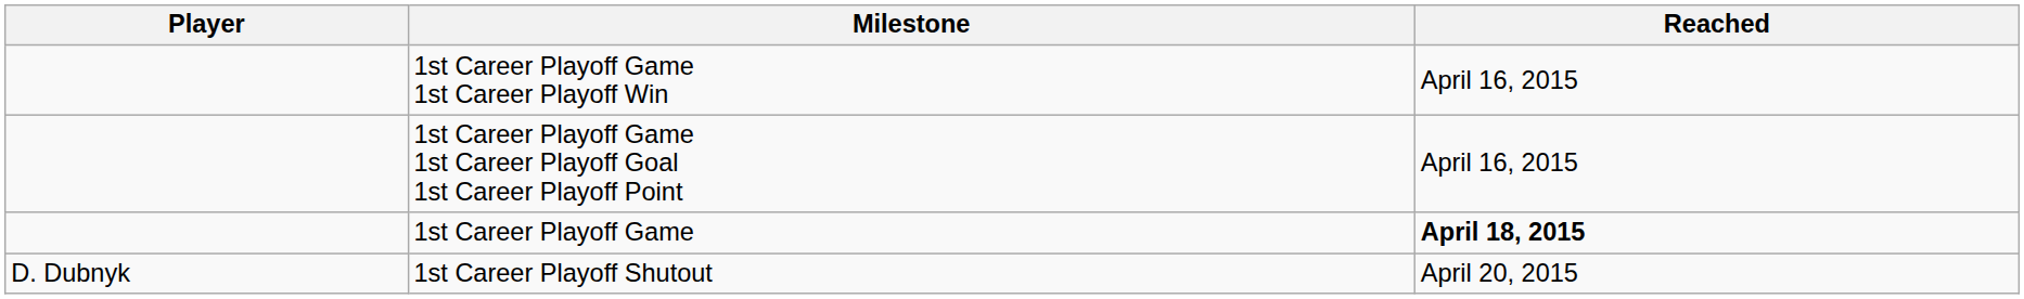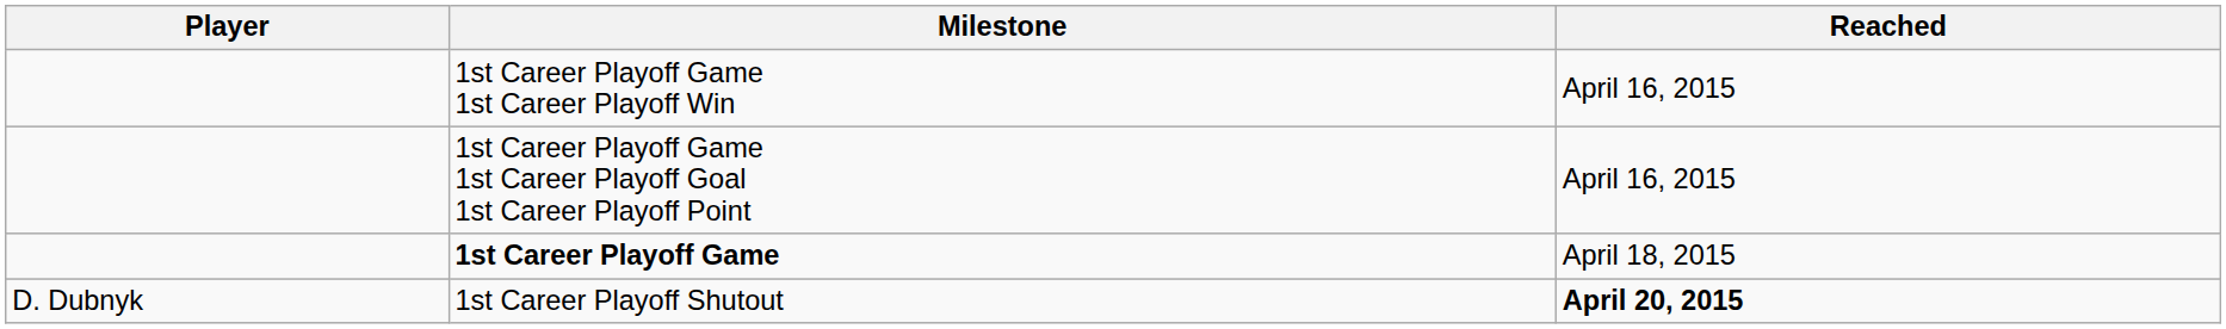 <table class="wikitable sortable" style="width:100%;">
 <tr align=center>
 <th style="width:20%;">Player</th>
 <th style="width:50%;">Milestone</th>
 <th style="width:30%;" data-sort-type="date">Reached</th>
 </tr>
 <tr>
 <td></td>
 <td>1st Career Playoff Game<br>1st Career Playoff Win</td>
 <td>April 16, 2015</td>
 </tr>
 <tr>
 <td></td>
 <td>1st Career Playoff Game<br>1st Career Playoff Goal<br>1st Career Playoff Point</td>
 <td>April 16, 2015</td>
 </tr>
 <tr>
 <td></td>
-<td>1st Career Playoff Game</td>
-<td><strong>April 18, 2015</strong></td>
+<td><strong>1st Career Playoff Game</strong></td>
+<td>April 18, 2015</td>
 </tr>
 <tr>
 <td>D. Dubnyk</td>
 <td>1st Career Playoff Shutout</td>
-<td>April 20, 2015</td>
+<td><strong>April 20, 2015</strong></td>
 </tr>
 </table>
